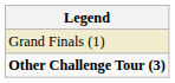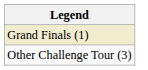 <table class="wikitable" style="font-size:95%;">
 <tr>
 <th>Legend</th>
 </tr>
 <tr style="background:#f2ecce;">
 <td>Grand Finals (1)</td>
 </tr>
 <tr>
-<td><strong>Other Challenge Tour (3)</strong></td>
+<td>Other Challenge Tour (3)</td>
 </tr>
 </table>
